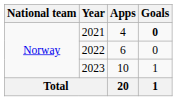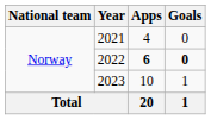 <table class="wikitable" style="text-align: center;">
 <tr>
 <th>National team</th>
 <th>Year</th>
 <th>Apps</th>
 <th>Goals</th>
 </tr>
 <tr>
 <td rowspan="3"><a href='#'>Norway</a></td>
 <td>2021</td>
 <td>4</td>
-<td><strong>0</strong></td>
+<td>0</td>
 </tr>
 <tr>
 <td>2022</td>
-<td>6</td>
-<td>0</td>
+<td><strong>6</strong></td>
+<td><strong>0</strong></td>
 </tr>
 <tr>
 <td>2023</td>
 <td>10</td>
 <td>1</td>
 </tr>
 <tr>
 <th colspan="2">Total</th>
 <th>20</th>
 <th>1</th>
 </tr>
 </table>
